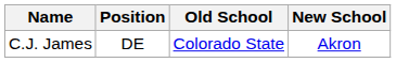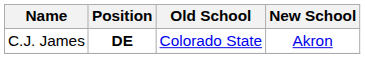 <table class="wikitable sortable" border="1">
 <tr>
 <th>Name</th>
 <th>Position</th>
 <th>Old School</th>
 <th>New School</th>
 </tr>
 <tr>
 <td style="text-align:center; background:white">C.J. James</td>
-<td style="text-align:center; background:white">DE</td>
+<td style="text-align:center; background:white"><strong>DE</strong></td>
 <td style="text-align:center; background:white"><a href='#'>Colorado State</a></td>
 <td style="text-align:center; background:white"><a href='#'>Akron</a></td>
 </tr>
 <tr>
 </tr>
 </table>
